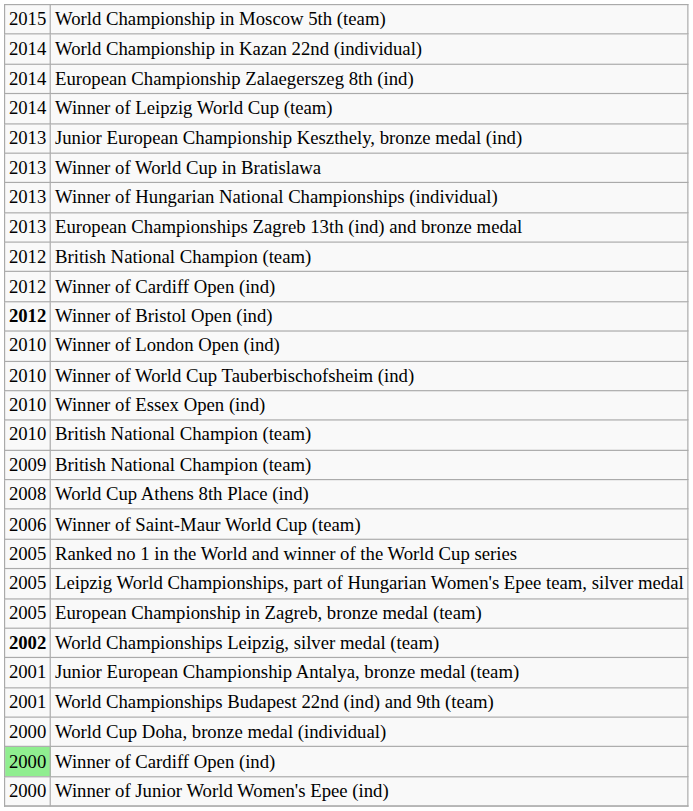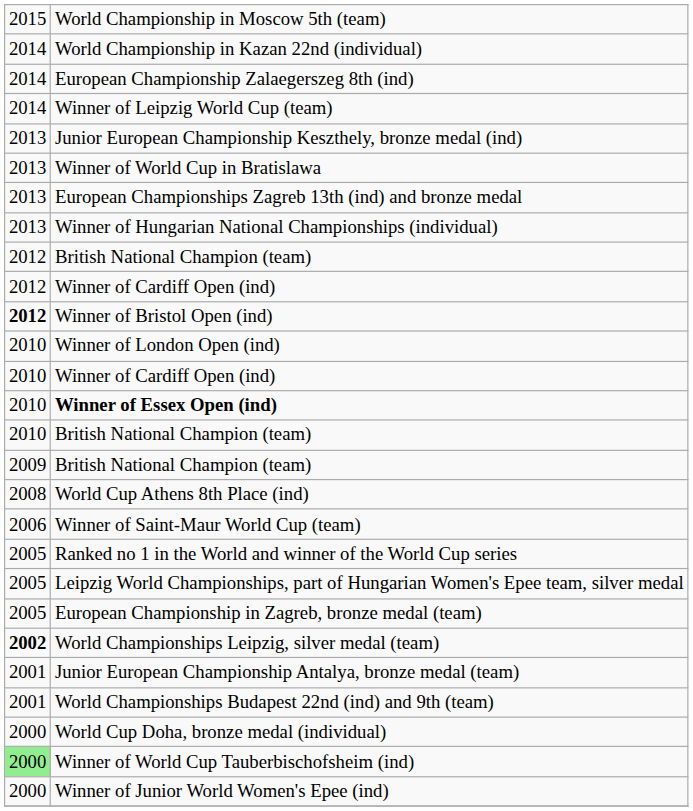 <table class="wikitable">
 <tr>
 <td>2015</td>
 <td>World Championship in Moscow 5th (team)</td>
 </tr>
 <tr>
 <td>2014</td>
 <td>World Championship in Kazan 22nd (individual)</td>
 </tr>
 <tr>
 <td>2014</td>
 <td>European Championship Zalaegerszeg 8th (ind)</td>
 </tr>
 <tr>
 <td>2014</td>
 <td>Winner of Leipzig World Cup (team)</td>
 </tr>
 <tr>
 <td>2013</td>
 <td>Junior European Championship Keszthely, bronze medal (ind)</td>
 </tr>
 <tr>
 <td>2013</td>
 <td>Winner of World Cup in Bratislawa</td>
 </tr>
 <tr>
 <td>2013</td>
-<td>Winner of Hungarian National Championships (individual)</td>
+<td>European Championships Zagreb 13th (ind) and bronze medal</td>
 </tr>
 <tr>
 <td>2013</td>
-<td>European Championships Zagreb 13th (ind) and bronze medal</td>
+<td>Winner of Hungarian National Championships (individual)</td>
 </tr>
 <tr>
 <td>2012</td>
 <td>British National Champion (team)</td>
 </tr>
 <tr>
 <td>2012</td>
 <td>Winner of Cardiff Open (ind)</td>
 </tr>
 <tr>
 <td><strong>2012</strong></td>
 <td>Winner of Bristol Open (ind)</td>
 </tr>
 <tr>
 <td>2010</td>
 <td>Winner of London Open (ind)</td>
 </tr>
 <tr>
 <td>2010</td>
-<td>Winner of World Cup Tauberbischofsheim (ind)</td>
+<td>Winner of Cardiff Open (ind)</td>
 </tr>
 <tr>
 <td>2010</td>
-<td>Winner of Essex Open (ind)</td>
+<td><strong>Winner of Essex Open (ind)</strong></td>
 </tr>
 <tr>
 <td>2010</td>
 <td>British National Champion (team)</td>
 </tr>
 <tr>
 <td>2009</td>
 <td>British National Champion (team)</td>
 </tr>
 <tr>
 <td>2008</td>
 <td>World Cup Athens 8th Place (ind)</td>
 </tr>
 <tr>
 <td>2006</td>
 <td>Winner of Saint-Maur World Cup (team)</td>
 </tr>
 <tr>
 <td>2005</td>
 <td>Ranked no 1 in the World and winner of the World Cup series</td>
 </tr>
 <tr>
 <td>2005</td>
 <td>Leipzig World Championships, part of Hungarian Women's Epee team, silver medal</td>
 </tr>
 <tr>
 <td>2005</td>
 <td>European Championship in Zagreb, bronze medal (team)</td>
 </tr>
 <tr>
 <td><strong>2002</strong></td>
 <td>World Championships Leipzig, silver medal (team)</td>
 </tr>
 <tr>
 <td>2001</td>
 <td>Junior European Championship Antalya, bronze medal (team)</td>
 </tr>
 <tr>
 <td>2001</td>
 <td>World Championships Budapest 22nd (ind) and 9th (team)</td>
 </tr>
 <tr>
 <td>2000</td>
 <td>World Cup Doha, bronze medal (individual)</td>
 </tr>
 <tr>
 <td style="background: lightgreen;">2000</td>
-<td>Winner of Cardiff Open (ind)</td>
+<td>Winner of World Cup Tauberbischofsheim (ind)</td>
 </tr>
 <tr>
 <td>2000</td>
 <td>Winner of Junior World Women's Epee (ind)</td>
 </tr>
 <tr>
 </tr>
 </table>
